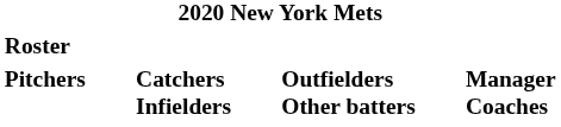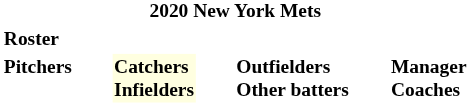 <table class="toccolours" style="font-size: 95%;">
 <tr>
 <th colspan="10">2020 New York Mets</th>
 </tr>
 <tr>
 <td colspan="10"><strong>Roster</strong></td>
 </tr>
 <tr>
 <td valign="top"><strong>Pitchers</strong><br>                      </td>
 <td width="25px"></td>
-<td valign="top"><strong>Catchers</strong><br>     <strong>Infielders</strong>         </td>
+<td valign="top" style="background: lightyellow;"><strong>Catchers</strong><br>     <strong>Infielders</strong>         </td>
 <td width="25px"></td>
 <td valign="top"><strong>Outfielders</strong><br>         <strong>Other batters</strong> </td>
 <td width="25px"></td>
 <td valign="top"><strong>Manager</strong><br>  <strong>Coaches</strong>                           </td>
 </tr>
 </table>
